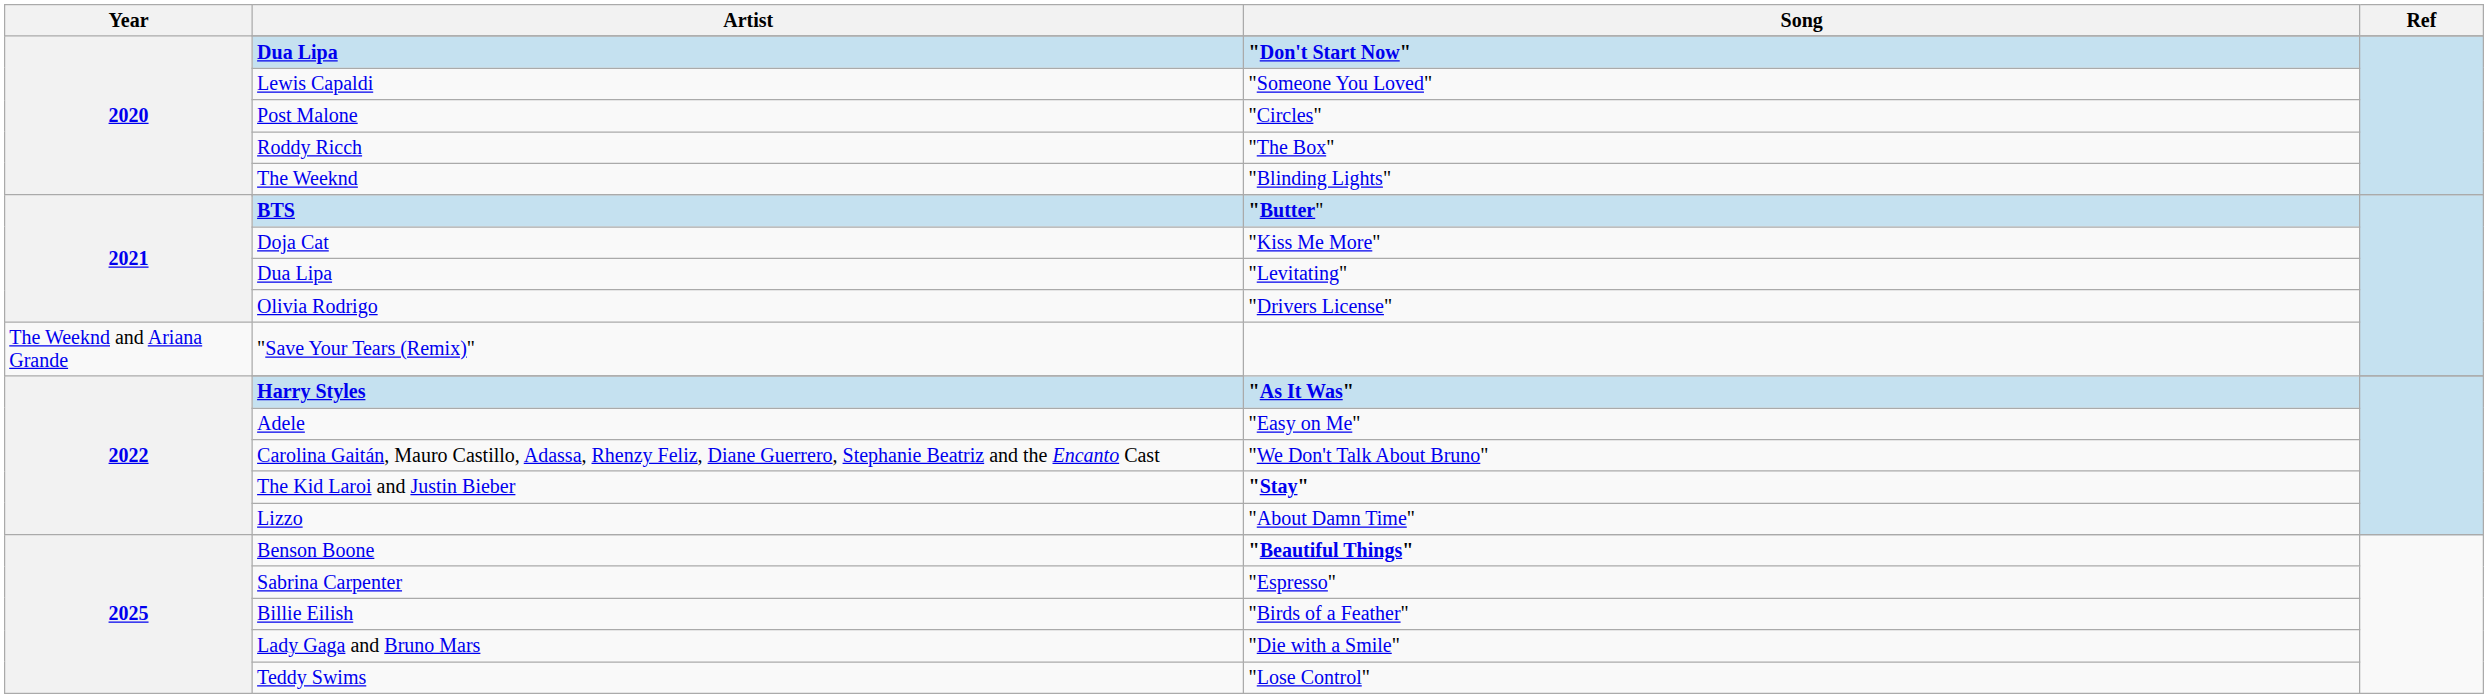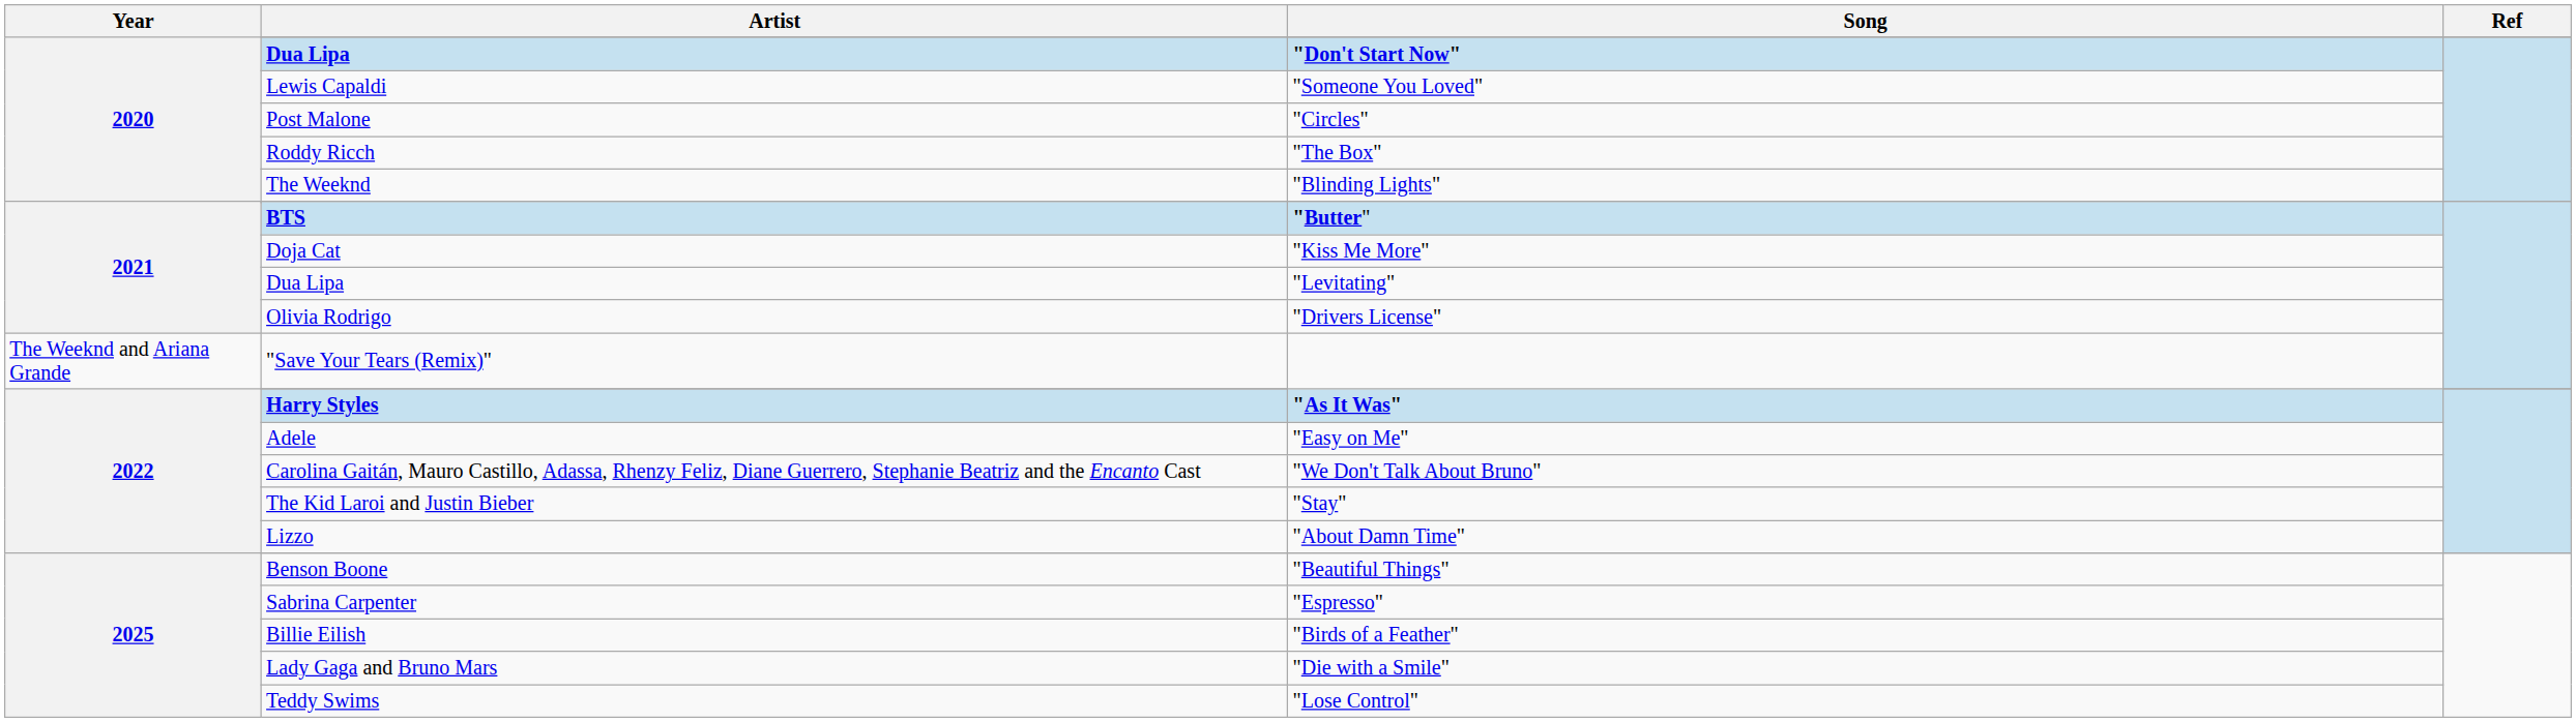 <table class="wikitable" width="100%">
 <tr>
 <th width="10%">Year</th>
 <th width="40%">Artist</th>
 <th width="45%">Song</th>
 <th width="5%">Ref</th>
 </tr>
 <tr>
 <th rowspan="6" align="center"><a href='#'>2020</a></th>
 </tr>
 <tr style="background:#c5e1f0">
 <td><strong><a href='#'>Dua Lipa</a></strong></td>
 <td><strong>"<a href='#'>Don't Start Now</a>"</strong></td>
 <td rowspan=5 align="center"></td>
 </tr>
 <tr>
 <td><a href='#'>Lewis Capaldi</a></td>
 <td>"<a href='#'>Someone You Loved</a>"</td>
 </tr>
 <tr>
 <td><a href='#'>Post Malone</a></td>
 <td>"<a href='#'>Circles</a>"</td>
 </tr>
 <tr>
 <td><a href='#'>Roddy Ricch</a></td>
 <td>"<a href='#'>The Box</a>"</td>
 </tr>
 <tr>
 <td><a href='#'>The Weeknd</a></td>
 <td>"<a href='#'>Blinding Lights</a>"</td>
 </tr>
 <tr>
 <th rowspan="6" align="center"><a href='#'>2021</a></th>
 </tr>
 <tr>
 </tr>
 <tr style="background:#c5e1f0">
 <td><strong><a href='#'>BTS</a></strong></td>
 <td><strong>"<a href='#'>Butter</a></strong>"</td>
 <td rowspan=5 align="center"></td>
 </tr>
 <tr>
 <td><a href='#'>Doja Cat</a> </td>
 <td>"<a href='#'>Kiss Me More</a>"</td>
 </tr>
 <tr>
 <td><a href='#'>Dua Lipa</a></td>
 <td>"<a href='#'>Levitating</a>"</td>
 </tr>
 <tr>
 <td><a href='#'>Olivia Rodrigo</a></td>
 <td>"<a href='#'>Drivers License</a>"</td>
 </tr>
 <tr>
 <td><a href='#'>The Weeknd</a> and <a href='#'>Ariana Grande</a></td>
 <td>"<a href='#'>Save Your Tears (Remix)</a>"</td>
 </tr>
 <tr>
 <th rowspan="6" align="center"><a href='#'>2022</a></th>
 </tr>
 <tr style="background:#c5e1f0">
 <td><strong><a href='#'>Harry Styles</a></strong></td>
 <td><strong>"<a href='#'>As It Was</a>"</strong></td>
 <td rowspan=5 align="center"></td>
 </tr>
 <tr>
 <td><a href='#'>Adele</a></td>
 <td>"<a href='#'>Easy on Me</a>"</td>
 </tr>
 <tr>
 <td><a href='#'>Carolina Gaitán</a>, Mauro Castillo, <a href='#'>Adassa</a>, <a href='#'>Rhenzy Feliz</a>, <a href='#'>Diane Guerrero</a>, <a href='#'>Stephanie Beatriz</a> and the <em><a href='#'>Encanto</a></em> Cast</td>
 <td>"<a href='#'>We Don't Talk About Bruno</a>"</td>
 </tr>
 <tr>
 <td><a href='#'>The Kid Laroi</a> and <a href='#'>Justin Bieber</a></td>
-<td><strong>"<a href='#'>Stay</a>"</strong></td>
+<td>"<a href='#'>Stay</a>"</td>
 </tr>
 <tr>
 <td><a href='#'>Lizzo</a></td>
 <td>"<a href='#'>About Damn Time</a>"</td>
 </tr>
 <tr>
 <th rowspan="6" align="center"><a href='#'>2025</a></th>
 </tr>
 <tr>
 <td><a href='#'>Benson Boone</a></td>
-<td><strong>"<a href='#'>Beautiful Things</a>"</strong></td>
+<td>"<a href='#'>Beautiful Things</a>"</td>
 <td rowspan=5 align="center"></td>
 </tr>
 <tr>
 <td><a href='#'>Sabrina Carpenter</a></td>
 <td>"<a href='#'>Espresso</a>"</td>
 </tr>
 <tr>
 <td><a href='#'>Billie Eilish</a></td>
 <td>"<a href='#'>Birds of a Feather</a>"</td>
 </tr>
 <tr>
 <td><a href='#'>Lady Gaga</a> and <a href='#'>Bruno Mars</a></td>
 <td>"<a href='#'>Die with a Smile</a>"</td>
 </tr>
 <tr>
 <td><a href='#'>Teddy Swims</a></td>
 <td>"<a href='#'>Lose Control</a>"</td>
 </tr>
 </table>
